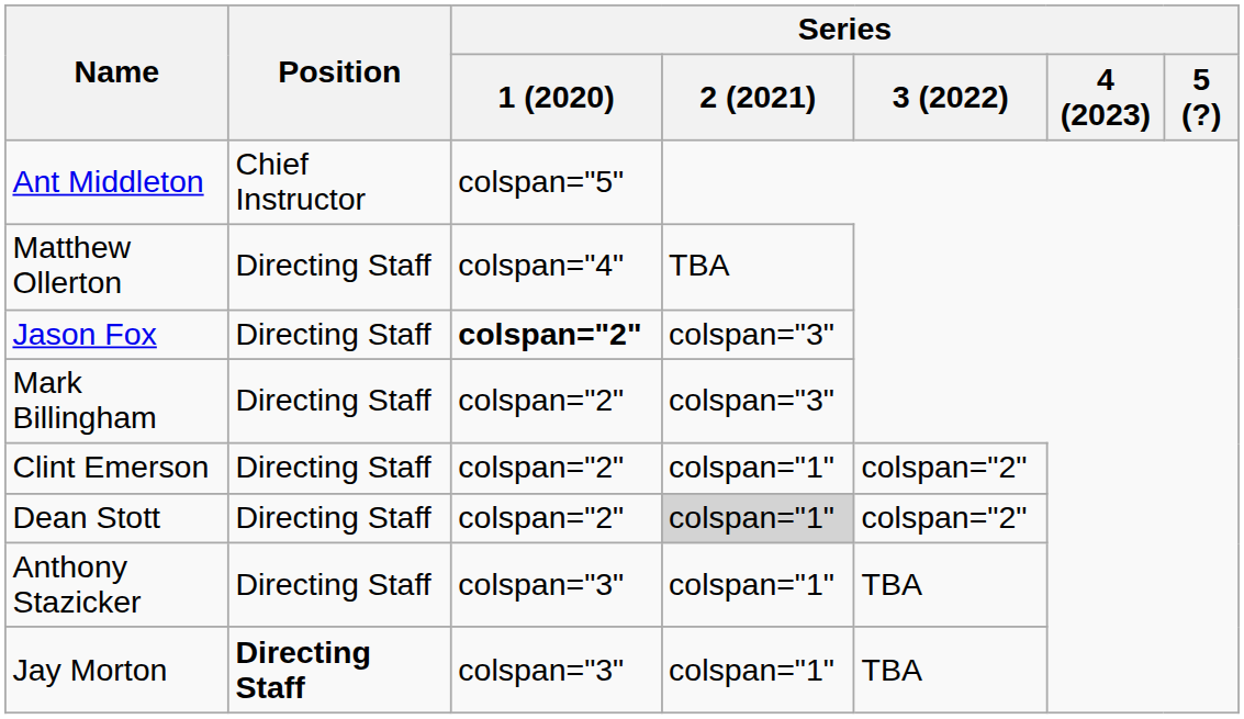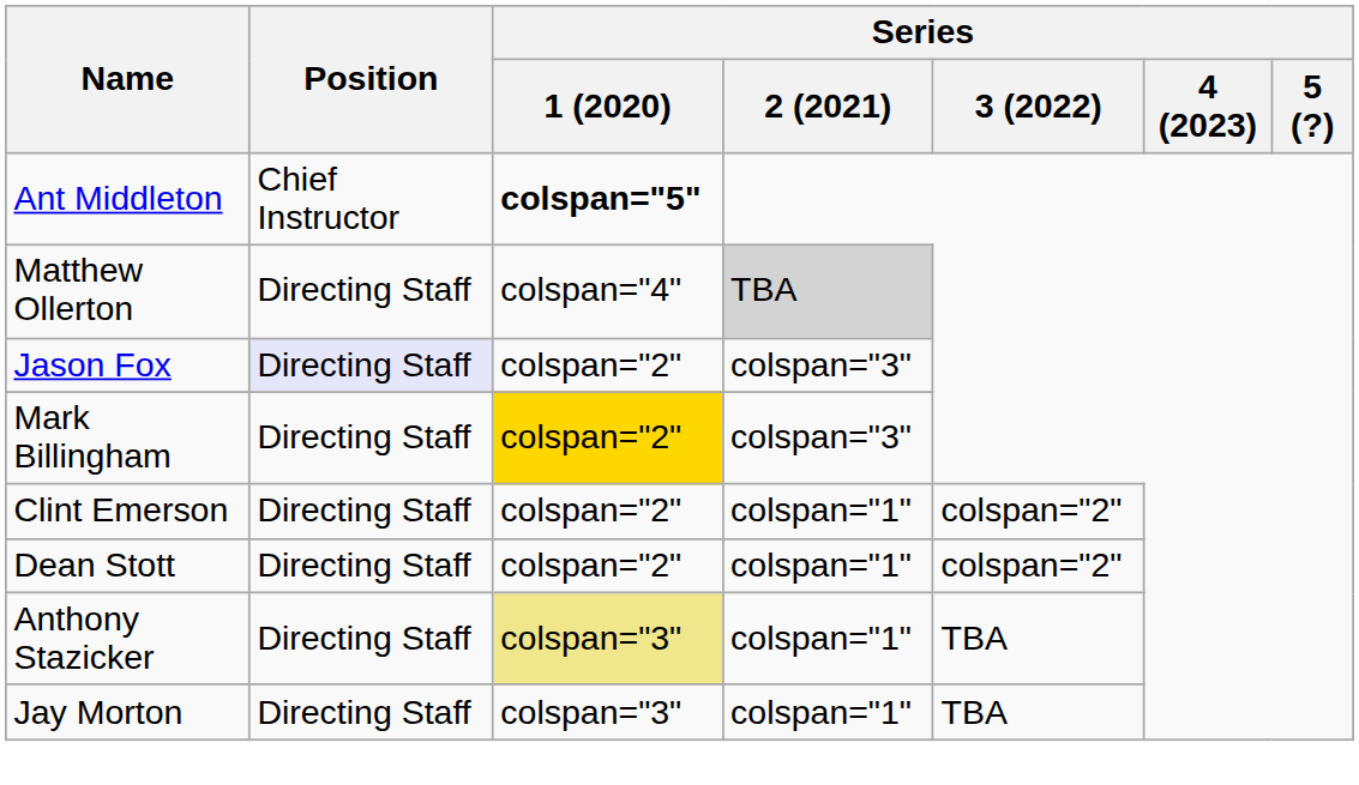 <table class="wikitable plainrowheaders" width="50%">
 <tr>
 <th scope="col" rowspan="2" style="width:15%;">Name</th>
 <th scope="col" rowspan="2" style="width:15%;">Position</th>
 <th colspan="5" scope="col" style="width:12%;">Series</th>
 </tr>
 <tr>
 <th scope="col" style="width:5%;">1 (2020)</th>
 <th scope="col" style="width:5%;">2 (2021)</th>
 <th scope="col" style="width:5%;">3 (2022)</th>
 <th scope="col" style="width:5%;">4 (2023)</th>
 <th scope="col" style="width:5%;">5 (?)</th>
 </tr>
 <tr>
 <td scope="row"><a href='#'>Ant Middleton</a></td>
 <td>Chief Instructor</td>
-<td>colspan="5" </td>
+<td><strong>colspan="5" </strong></td>
 </tr>
 <tr>
 <td scope="row">Matthew Ollerton</td>
 <td>Directing Staff</td>
 <td>colspan="4" </td>
-<td>TBA</td>
+<td style="background: lightgrey;">TBA</td>
 </tr>
 <tr>
 <td scope="row"><a href='#'>Jason Fox</a></td>
-<td>Directing Staff</td>
-<td><strong>colspan="2" </strong></td>
+<td style="background: lavender;">Directing Staff</td>
+<td>colspan="2" </td>
 <td>colspan="3" </td>
 </tr>
 <tr>
 <td scope="row">Mark Billingham</td>
 <td>Directing Staff</td>
-<td>colspan="2" </td>
+<td style="background: gold;">colspan="2" </td>
 <td>colspan="3" </td>
 </tr>
 <tr>
 <td scope="row">Clint Emerson</td>
 <td>Directing Staff</td>
 <td>colspan="2" </td>
 <td>colspan="1" </td>
 <td>colspan="2" </td>
 </tr>
 <tr>
 <td scope="row">Dean Stott</td>
 <td>Directing Staff</td>
 <td>colspan="2" </td>
-<td style="background: lightgrey;">colspan="1" </td>
+<td>colspan="1" </td>
 <td>colspan="2" </td>
 </tr>
 <tr>
 <td scope="row">Anthony Stazicker</td>
 <td>Directing Staff</td>
-<td>colspan="3" </td>
+<td style="background: khaki;">colspan="3" </td>
 <td>colspan="1" </td>
 <td>TBA</td>
 </tr>
 <tr>
 <td scope="row">Jay Morton</td>
-<td><strong>Directing Staff</strong></td>
+<td>Directing Staff</td>
 <td>colspan="3" </td>
 <td>colspan="1" </td>
 <td>TBA</td>
 </tr>
 </table>
